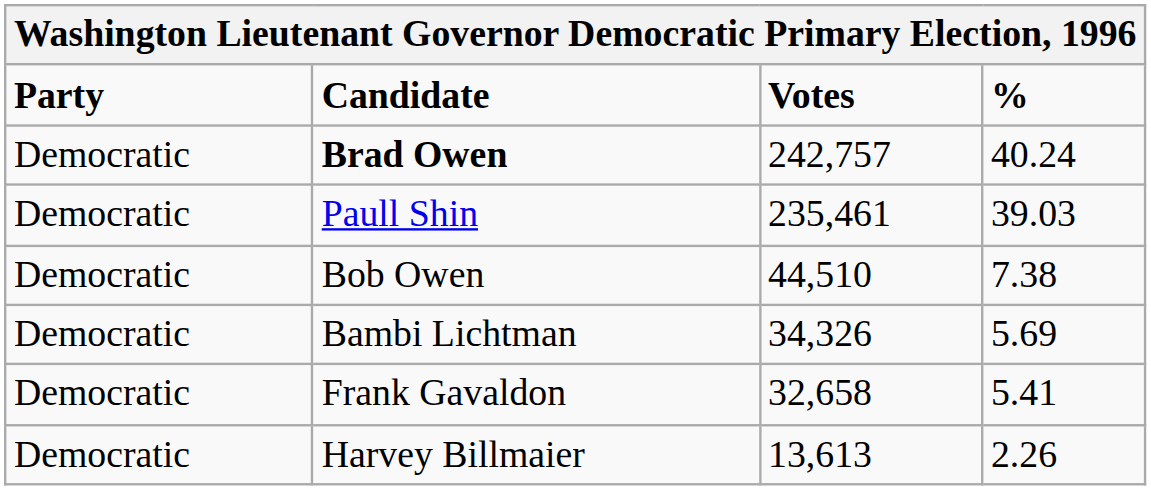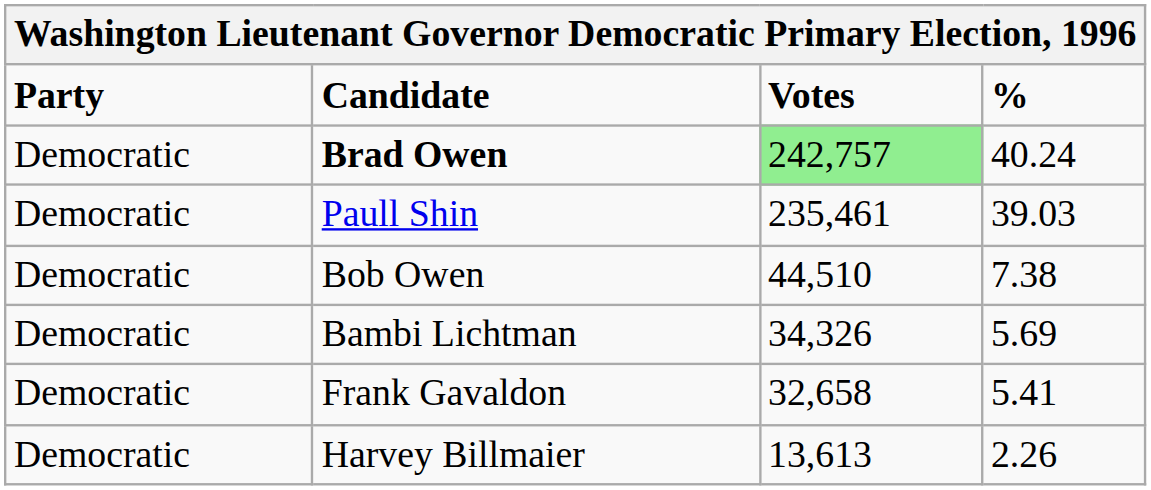 <table class="wikitable">
 <tr>
 <th colspan="4">Washington Lieutenant Governor Democratic Primary Election, 1996</th>
 </tr>
 <tr>
 <td><strong>Party</strong></td>
 <td><strong>Candidate</strong></td>
 <td><strong>Votes</strong></td>
 <td><strong>%</strong></td>
 </tr>
 <tr>
 <td>Democratic</td>
 <td><strong>Brad Owen</strong></td>
-<td>242,757</td>
+<td style="background: lightgreen;">242,757</td>
 <td>40.24</td>
 </tr>
 <tr>
 <td>Democratic</td>
 <td><a href='#'>Paull Shin</a></td>
 <td>235,461</td>
 <td>39.03</td>
 </tr>
 <tr>
 <td>Democratic</td>
 <td>Bob Owen</td>
 <td>44,510</td>
 <td>7.38</td>
 </tr>
 <tr>
 <td>Democratic</td>
 <td>Bambi Lichtman</td>
 <td>34,326</td>
 <td>5.69</td>
 </tr>
 <tr>
 <td>Democratic</td>
 <td>Frank Gavaldon</td>
 <td>32,658</td>
 <td>5.41</td>
 </tr>
 <tr>
 <td>Democratic</td>
 <td>Harvey Billmaier</td>
 <td>13,613</td>
 <td>2.26</td>
 </tr>
 </table>
